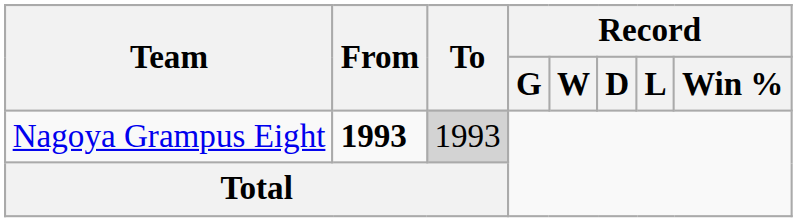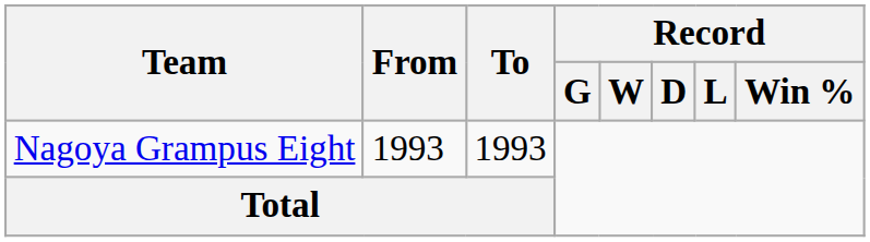 <table class="wikitable" style="text-align: center">
 <tr>
 <th rowspan="2">Team</th>
 <th rowspan="2">From</th>
 <th rowspan="2">To</th>
 <th colspan="5">Record</th>
 </tr>
 <tr>
 <th>G</th>
 <th>W</th>
 <th>D</th>
 <th>L</th>
 <th>Win %</th>
 </tr>
 <tr>
 <td align = "left"><a href='#'>Nagoya Grampus Eight</a></td>
-<td align = "left"><strong>1993</strong></td>
-<td align = "left" style="background: lightgrey;">1993<br></td>
+<td align = "left">1993</td>
+<td align = "left">1993<br></td>
 </tr>
 <tr>
 <th colspan="3">Total<br></th>
 </tr>
 </table>
